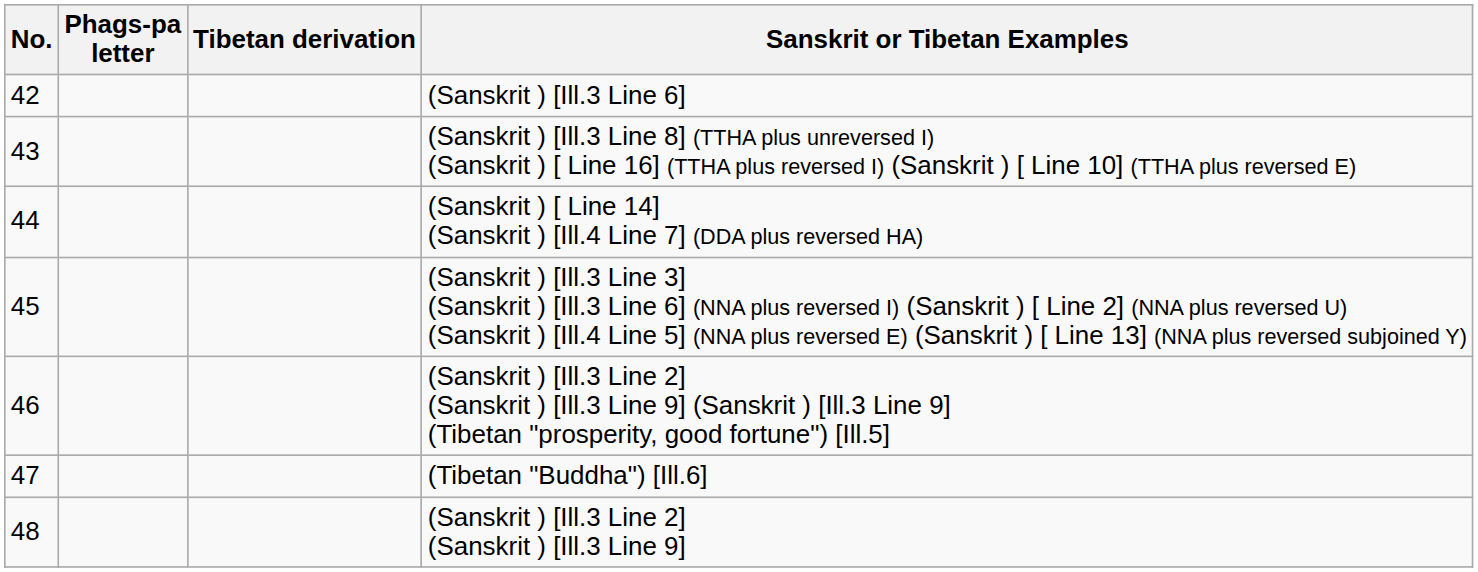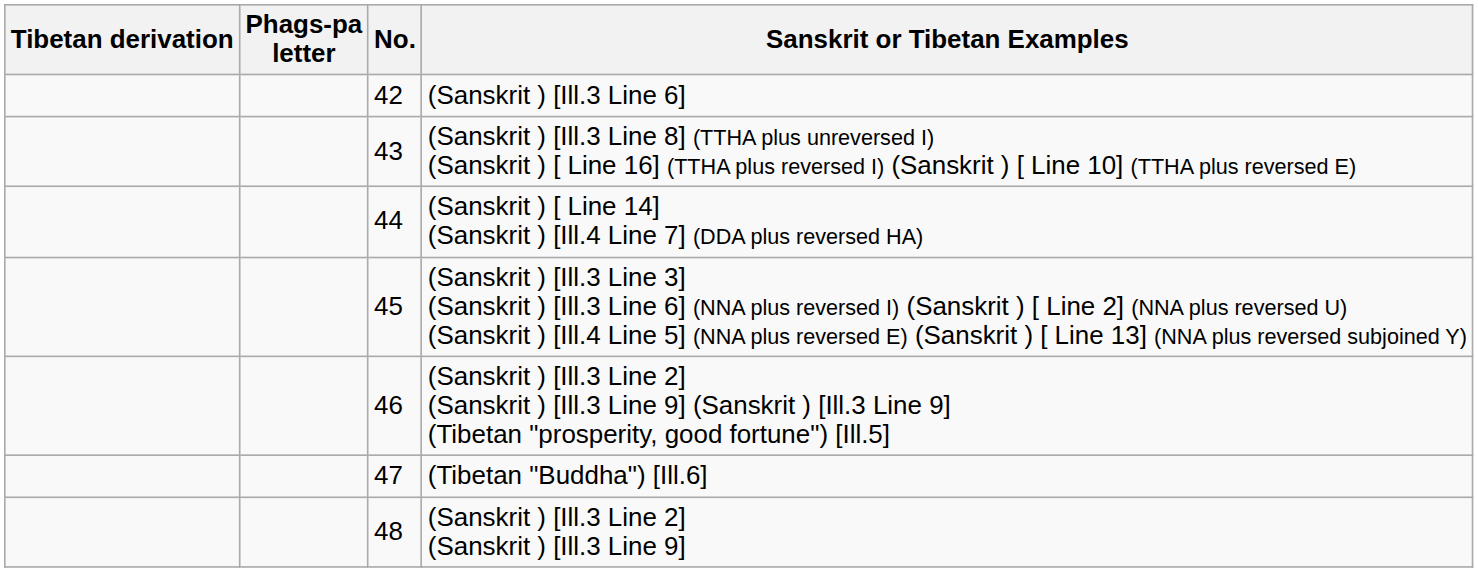 <table class="wikitable">
 <tr>
+<th>Tibetan derivation</th>
+<th>Phags-pa<br>letter</th>
 <th>No.</th>
-<th>Phags-pa<br>letter</th>
-<th>Tibetan derivation</th>
 <th>Sanskrit or Tibetan Examples</th>
 </tr>
 <tr>
-<td>42</td>
 <td></td>
 <td></td>
+<td>42</td>
 <td><em></em> (Sanskrit ) [Ill.3 Line 6]</td>
 </tr>
 <tr>
-<td>43</td>
 <td></td>
 <td></td>
+<td>43</td>
 <td><em></em> (Sanskrit ) [Ill.3 Line 8] <small>(TTHA plus unreversed I)</small><br><em></em> (Sanskrit ) [ Line 16] <small>(TTHA plus reversed I)</small> <em></em> (Sanskrit ) [ Line 10] <small>(TTHA plus reversed E)</small></td>
 </tr>
 <tr>
-<td>44</td>
 <td></td>
 <td></td>
+<td>44</td>
 <td><em></em> (Sanskrit ) [ Line 14]<br><em></em> (Sanskrit ) [Ill.4 Line 7] <small>(DDA plus reversed HA)</small></td>
 </tr>
 <tr>
-<td>45</td>
 <td></td>
 <td></td>
+<td>45</td>
 <td><em></em> (Sanskrit ) [Ill.3 Line 3]<br><em></em> (Sanskrit ) [Ill.3 Line 6] <small>(NNA plus reversed I)</small> <em></em> (Sanskrit ) [ Line 2] <small>(NNA plus reversed U)</small><br><em></em> (Sanskrit ) [Ill.4 Line 5] <small>(NNA plus reversed E)</small> <em></em> (Sanskrit ) [ Line 13] <small>(NNA plus reversed subjoined Y)</small></td>
 </tr>
 <tr>
-<td>46</td>
 <td></td>
 <td></td>
+<td>46</td>
 <td><em></em> (Sanskrit ) [Ill.3 Line 2]<br><em></em> (Sanskrit ) [Ill.3 Line 9] <em></em> (Sanskrit ) [Ill.3 Line 9]<br><em></em> (Tibetan  "prosperity, good fortune") [Ill.5]</td>
 </tr>
 <tr>
-<td>47</td>
 <td></td>
 <td></td>
+<td>47</td>
 <td><em></em> (Tibetan  "Buddha") [Ill.6]</td>
 </tr>
 <tr>
-<td>48</td>
 <td></td>
 <td></td>
+<td>48</td>
 <td><em></em> (Sanskrit ) [Ill.3 Line 2]<br><em></em> (Sanskrit ) [Ill.3 Line 9]</td>
 </tr>
 </table>
